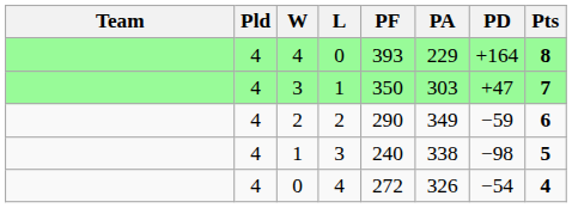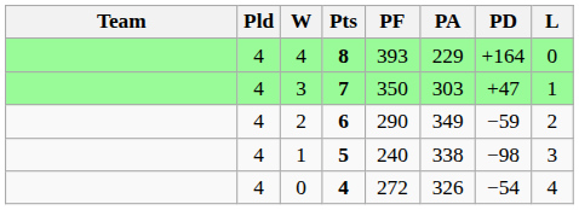 <table class="wikitable" style="text-align:center;">
 <tr>
 <th width=170>Team</th>
 <th width=25>Pld</th>
 <th width=25>W</th>
-<th width=25>L</th>
+<th width=25>Pts</th>
 <th width=35>PF</th>
 <th width=35>PA</th>
 <th width=35>PD</th>
-<th width=25>Pts</th>
+<th width=25>L</th>
 </tr>
 <tr bgcolor="#98fb98">
 <td align="left"></td>
 <td>4</td>
 <td>4</td>
-<td>0</td>
+<td><strong>8</strong></td>
 <td>393</td>
 <td>229</td>
 <td>+164</td>
-<td><strong>8</strong></td>
+<td>0</td>
 </tr>
 <tr bgcolor="#98fb98">
 <td align="left"></td>
 <td>4</td>
 <td>3</td>
-<td>1</td>
+<td><strong>7</strong></td>
 <td>350</td>
 <td>303</td>
 <td>+47</td>
-<td><strong>7</strong></td>
+<td>1</td>
 </tr>
 <tr>
 <td align="left"></td>
 <td>4</td>
 <td>2</td>
-<td>2</td>
+<td><strong>6</strong></td>
 <td>290</td>
 <td>349</td>
 <td>−59</td>
-<td><strong>6</strong></td>
+<td>2</td>
 </tr>
 <tr>
 <td align="left"></td>
 <td>4</td>
 <td>1</td>
-<td>3</td>
+<td><strong>5</strong></td>
 <td>240</td>
 <td>338</td>
 <td>−98</td>
-<td><strong>5</strong></td>
+<td>3</td>
 </tr>
 <tr>
 <td align="left"></td>
 <td>4</td>
 <td>0</td>
-<td>4</td>
+<td><strong>4</strong></td>
 <td>272</td>
 <td>326</td>
 <td>−54</td>
-<td><strong>4</strong></td>
+<td>4</td>
 </tr>
 </table>
